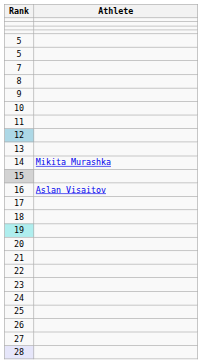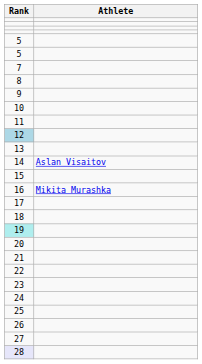 <table class="wikitable" style="text-align: center;">
 <tr>
 <th width=40>Rank</th>
 <th width=250>Athlete</th>
 </tr>
 <tr>
 <td></td>
 <td align="left"></td>
 </tr>
 <tr>
 <td></td>
 <td align="left"></td>
 </tr>
 <tr>
 <td></td>
 <td align="left"></td>
 </tr>
 <tr>
 <td></td>
 <td align="left"></td>
 </tr>
 <tr>
 <td>5</td>
 <td align="left"></td>
 </tr>
 <tr>
 <td>5</td>
 <td align="left"></td>
 </tr>
 <tr>
 <td>7</td>
 <td align="left"></td>
 </tr>
 <tr>
 <td>8</td>
 <td align="left"></td>
 </tr>
 <tr>
 <td>9</td>
 <td align="left"></td>
 </tr>
 <tr>
 <td>10</td>
 <td align="left"></td>
 </tr>
 <tr>
 <td>11</td>
 <td align="left"></td>
 </tr>
 <tr>
 <td style="background: lightblue;">12</td>
 <td align="left"></td>
 </tr>
 <tr>
 <td>13</td>
 <td align="left"></td>
 </tr>
 <tr>
 <td>14</td>
-<td align="left"> <a href='#'>Mikita Murashka</a> </td>
+<td align="left"> <a href='#'>Aslan Visaitov</a> </td>
 </tr>
 <tr>
-<td style="background: lightgrey;">15</td>
+<td>15</td>
 <td align="left"></td>
 </tr>
 <tr>
 <td>16</td>
-<td align="left"> <a href='#'>Aslan Visaitov</a> </td>
+<td align="left"> <a href='#'>Mikita Murashka</a> </td>
 </tr>
 <tr>
 <td>17</td>
 <td align="left"></td>
 </tr>
 <tr>
 <td>18</td>
 <td align="left"></td>
 </tr>
 <tr>
 <td style="background: paleturquoise;">19</td>
 <td align="left"></td>
 </tr>
 <tr>
 <td>20</td>
 <td align="left"></td>
 </tr>
 <tr>
 <td>21</td>
 <td align="left"></td>
 </tr>
 <tr>
 <td>22</td>
 <td align="left"></td>
 </tr>
 <tr>
 <td>23</td>
 <td align="left"></td>
 </tr>
 <tr>
 <td>24</td>
 <td align="left"></td>
 </tr>
 <tr>
 <td>25</td>
 <td align="left"></td>
 </tr>
 <tr>
 <td>26</td>
 <td align="left"></td>
 </tr>
 <tr>
 <td>27</td>
 <td align="left"></td>
 </tr>
 <tr>
 <td style="background: lavender;">28</td>
 <td align="left"></td>
 </tr>
 </table>
